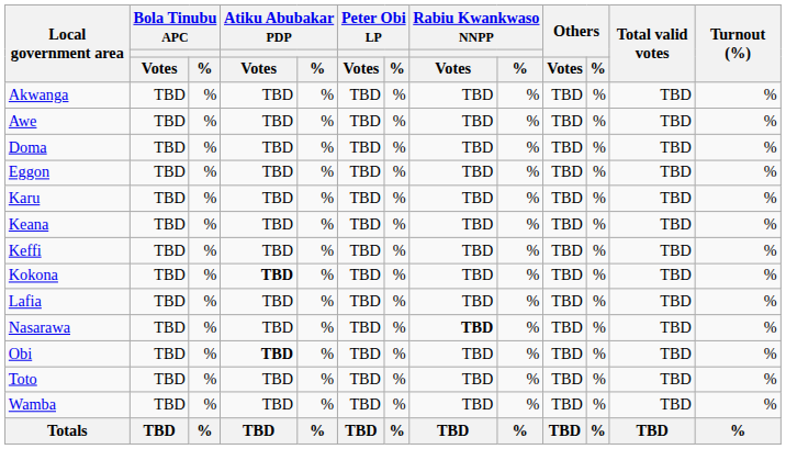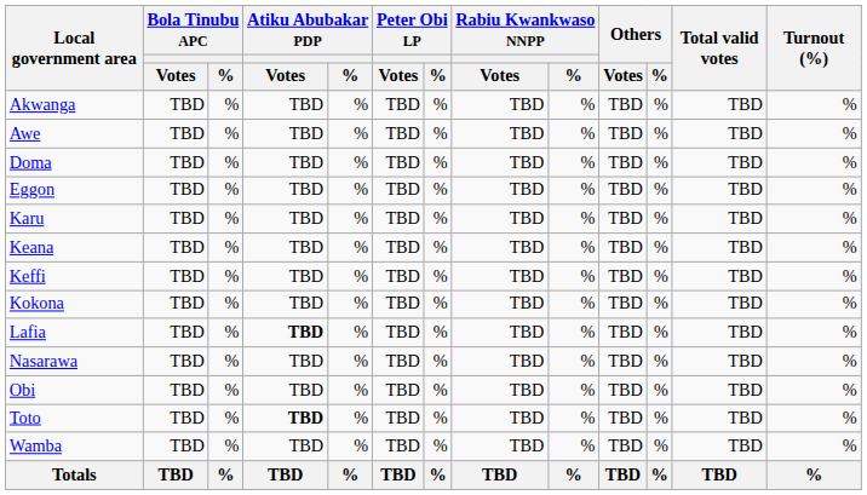 <table class="wikitable sortable" style="text-align:right; font-size:90%">
 <tr>
 <th rowspan="3" style="max-width:7.5em;">Local government area</th>
 <th colspan="2"><a href='#'>Bola Tinubu</a><br><small>APC</small></th>
 <th colspan="2"><a href='#'>Atiku Abubakar</a><br><small>PDP</small></th>
 <th colspan="2"><a href='#'>Peter Obi</a><br><small>LP</small></th>
 <th colspan="2"><a href='#'>Rabiu Kwankwaso</a><br><small>NNPP</small></th>
 <th colspan="2" rowspan="2">Others</th>
 <th rowspan="3" style="max-width:5em;">Total valid votes</th>
 <th rowspan="3" style="max-width:5em;">Turnout (%)</th>
 </tr>
 <tr>
 <th colspan=2 style="background-color:"></th>
 <th colspan=2 style="background-color:"></th>
 <th colspan=2 style="background-color:"></th>
 <th colspan=2 style="background-color:"></th>
 </tr>
 <tr>
 <th>Votes</th>
 <th>%</th>
 <th>Votes</th>
 <th>%</th>
 <th>Votes</th>
 <th>%</th>
 <th>Votes</th>
 <th>%</th>
 <th>Votes</th>
 <th>%</th>
 </tr>
 <tr style="background-color:#">
 <td style="text-align:left;"><a href='#'>Akwanga</a></td>
 <td>TBD</td>
 <td>%</td>
 <td>TBD</td>
 <td>%</td>
 <td>TBD</td>
 <td>%</td>
 <td>TBD</td>
 <td>%</td>
 <td>TBD</td>
 <td>%</td>
 <td>TBD</td>
 <td>%</td>
 </tr>
 <tr style="background-color:#">
 <td style="text-align:left;"><a href='#'>Awe</a></td>
 <td>TBD</td>
 <td>%</td>
 <td>TBD</td>
 <td>%</td>
 <td>TBD</td>
 <td>%</td>
 <td>TBD</td>
 <td>%</td>
 <td>TBD</td>
 <td>%</td>
 <td>TBD</td>
 <td>%</td>
 </tr>
 <tr style="background-color:#">
 <td style="text-align:left;"><a href='#'>Doma</a></td>
 <td>TBD</td>
 <td>%</td>
 <td>TBD</td>
 <td>%</td>
 <td>TBD</td>
 <td>%</td>
 <td>TBD</td>
 <td>%</td>
 <td>TBD</td>
 <td>%</td>
 <td>TBD</td>
 <td>%</td>
 </tr>
 <tr style="background-color:#">
 <td style="text-align:left;"><a href='#'>Eggon</a></td>
 <td>TBD</td>
 <td>%</td>
 <td>TBD</td>
 <td>%</td>
 <td>TBD</td>
 <td>%</td>
 <td>TBD</td>
 <td>%</td>
 <td>TBD</td>
 <td>%</td>
 <td>TBD</td>
 <td>%</td>
 </tr>
 <tr style="background-color:#">
 <td style="text-align:left;"><a href='#'>Karu</a></td>
 <td>TBD</td>
 <td>%</td>
 <td>TBD</td>
 <td>%</td>
 <td>TBD</td>
 <td>%</td>
 <td>TBD</td>
 <td>%</td>
 <td>TBD</td>
 <td>%</td>
 <td>TBD</td>
 <td>%</td>
 </tr>
 <tr style="background-color:#">
 <td style="text-align:left;"><a href='#'>Keana</a></td>
 <td>TBD</td>
 <td>%</td>
 <td>TBD</td>
 <td>%</td>
 <td>TBD</td>
 <td>%</td>
 <td>TBD</td>
 <td>%</td>
 <td>TBD</td>
 <td>%</td>
 <td>TBD</td>
 <td>%</td>
 </tr>
 <tr style="background-color:#">
 <td style="text-align:left;"><a href='#'>Keffi</a></td>
 <td>TBD</td>
 <td>%</td>
 <td>TBD</td>
 <td>%</td>
 <td>TBD</td>
 <td>%</td>
 <td>TBD</td>
 <td>%</td>
 <td>TBD</td>
 <td>%</td>
 <td>TBD</td>
 <td>%</td>
 </tr>
 <tr style="background-color:#">
 <td style="text-align:left;"><a href='#'>Kokona</a></td>
 <td>TBD</td>
 <td>%</td>
-<td><strong>TBD</strong></td>
+<td>TBD</td>
 <td>%</td>
 <td>TBD</td>
 <td>%</td>
 <td>TBD</td>
 <td>%</td>
 <td>TBD</td>
 <td>%</td>
 <td>TBD</td>
 <td>%</td>
 </tr>
 <tr style="background-color:#">
 <td style="text-align:left;"><a href='#'>Lafia</a></td>
 <td>TBD</td>
 <td>%</td>
-<td>TBD</td>
+<td><strong>TBD</strong></td>
 <td>%</td>
 <td>TBD</td>
 <td>%</td>
 <td>TBD</td>
 <td>%</td>
 <td>TBD</td>
 <td>%</td>
 <td>TBD</td>
 <td>%</td>
 </tr>
 <tr style="background-color:#">
 <td style="text-align:left;"><a href='#'>Nasarawa</a></td>
 <td>TBD</td>
 <td>%</td>
 <td>TBD</td>
 <td>%</td>
 <td>TBD</td>
 <td>%</td>
-<td><strong>TBD</strong></td>
+<td>TBD</td>
 <td>%</td>
 <td>TBD</td>
 <td>%</td>
 <td>TBD</td>
 <td>%</td>
 </tr>
 <tr style="background-color:#">
 <td style="text-align:left;"><a href='#'>Obi</a></td>
 <td>TBD</td>
 <td>%</td>
-<td><strong>TBD</strong></td>
+<td>TBD</td>
 <td>%</td>
 <td>TBD</td>
 <td>%</td>
 <td>TBD</td>
 <td>%</td>
 <td>TBD</td>
 <td>%</td>
 <td>TBD</td>
 <td>%</td>
 </tr>
 <tr style="background-color:#">
 <td style="text-align:left;"><a href='#'>Toto</a></td>
 <td>TBD</td>
 <td>%</td>
-<td>TBD</td>
+<td><strong>TBD</strong></td>
 <td>%</td>
 <td>TBD</td>
 <td>%</td>
 <td>TBD</td>
 <td>%</td>
 <td>TBD</td>
 <td>%</td>
 <td>TBD</td>
 <td>%</td>
 </tr>
 <tr style="background-color:#">
 <td style="text-align:left;"><a href='#'>Wamba</a></td>
 <td>TBD</td>
 <td>%</td>
 <td>TBD</td>
 <td>%</td>
 <td>TBD</td>
 <td>%</td>
 <td>TBD</td>
 <td>%</td>
 <td>TBD</td>
 <td>%</td>
 <td>TBD</td>
 <td>%</td>
 </tr>
 <tr>
 <th>Totals</th>
 <th>TBD</th>
 <th>%</th>
 <th>TBD</th>
 <th>%</th>
 <th>TBD</th>
 <th>%</th>
 <th>TBD</th>
 <th>%</th>
 <th>TBD</th>
 <th>%</th>
 <th>TBD</th>
 <th>%</th>
 </tr>
 </table>
